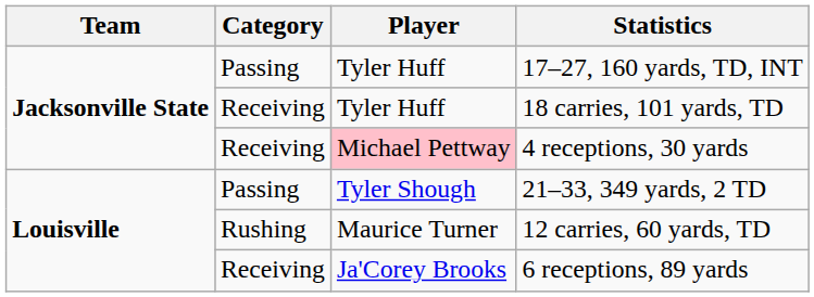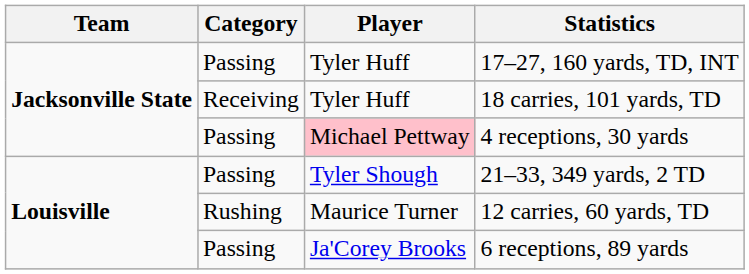 <table class="wikitable" style="float: right;">
 <tr>
 <th>Team</th>
 <th>Category</th>
 <th>Player</th>
 <th>Statistics</th>
 </tr>
 <tr>
 <td rowspan=3><strong>Jacksonville State</strong></td>
 <td>Passing</td>
 <td>Tyler Huff</td>
 <td>17–27, 160 yards, TD, INT</td>
 </tr>
 <tr>
 <td>Receiving</td>
 <td>Tyler Huff</td>
 <td>18 carries, 101 yards, TD</td>
 </tr>
 <tr>
-<td>Receiving</td>
+<td>Passing</td>
 <td style="background: pink;">Michael Pettway</td>
 <td>4 receptions, 30 yards</td>
 </tr>
 <tr>
 <td rowspan=3><strong>Louisville</strong></td>
 <td>Passing</td>
 <td><a href='#'>Tyler Shough</a></td>
 <td>21–33, 349 yards, 2 TD</td>
 </tr>
 <tr>
 <td>Rushing</td>
 <td>Maurice Turner</td>
 <td>12 carries, 60 yards, TD</td>
 </tr>
 <tr>
-<td>Receiving</td>
+<td>Passing</td>
 <td><a href='#'>Ja'Corey Brooks</a></td>
 <td>6 receptions, 89 yards</td>
 </tr>
 </table>
